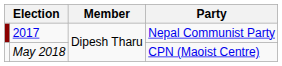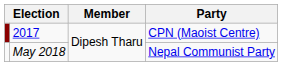 <table class="wikitable">
 <tr>
 <th colspan="2">Election</th>
 <th>Member</th>
 <th>Party</th>
 </tr>
 <tr>
 <td style="background-color:darkred"></td>
 <td><a href='#'>2017</a></td>
 <td rowspan="2">Dipesh Tharu</td>
-<td><a href='#'>Nepal Communist Party</a></td>
+<td><a href='#'>CPN (Maoist Centre)</a></td>
 </tr>
 <tr>
 <td style="background-color:"></td>
 <td><em>May 2018</em></td>
-<td><a href='#'>CPN (Maoist Centre)</a></td>
+<td><a href='#'>Nepal Communist Party</a></td>
 </tr>
 </table>
